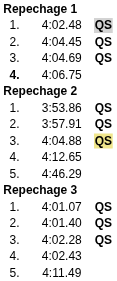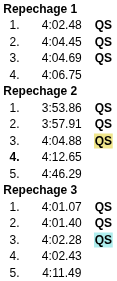 <table style="text-align:center">
 <tr>
 <td colspan=4 align=left><strong>Repechage 1</strong></td>
 </tr>
 <tr>
 <td width=30>1.</td>
 <td align=left></td>
 <td width=80>4:02.48</td>
-<td style="background: lightgrey;"><strong>QS</strong></td>
+<td><strong>QS</strong></td>
 </tr>
 <tr>
 <td>2.</td>
 <td align=left></td>
 <td>4:04.45</td>
 <td><strong>QS</strong></td>
 </tr>
 <tr>
 <td>3.</td>
 <td align=left></td>
 <td>4:04.69</td>
 <td><strong>QS</strong></td>
 </tr>
 <tr>
-<td><strong>4.</strong></td>
+<td>4.</td>
 <td align=left></td>
 <td>4:06.75</td>
 <td></td>
 </tr>
 <tr>
 <td colspan=4 align=left><strong>Repechage 2</strong></td>
 </tr>
 <tr>
 <td>1.</td>
 <td align=left></td>
 <td>3:53.86</td>
 <td><strong>QS</strong></td>
 </tr>
 <tr>
 <td>2.</td>
 <td align=left></td>
 <td>3:57.91</td>
 <td><strong>QS</strong></td>
 </tr>
 <tr>
 <td>3.</td>
 <td align=left></td>
 <td>4:04.88</td>
 <td style="background: khaki;"><strong>QS</strong></td>
 </tr>
 <tr>
-<td>4.</td>
+<td><strong>4.</strong></td>
 <td align=left></td>
 <td>4:12.65</td>
 <td></td>
 </tr>
 <tr>
 <td>5.</td>
 <td align=left></td>
 <td>4:46.29</td>
 <td></td>
 </tr>
 <tr>
 <td colspan=4 align=left><strong>Repechage 3</strong></td>
 </tr>
 <tr>
 <td>1.</td>
 <td align=left></td>
 <td>4:01.07</td>
 <td><strong>QS</strong></td>
 </tr>
 <tr>
 <td>2.</td>
 <td align=left></td>
 <td>4:01.40</td>
 <td><strong>QS</strong></td>
 </tr>
 <tr>
 <td>3.</td>
 <td align=left></td>
 <td>4:02.28</td>
-<td><strong>QS</strong></td>
+<td style="background: paleturquoise;"><strong>QS</strong></td>
 </tr>
 <tr>
 <td>4.</td>
 <td align=left></td>
 <td>4:02.43</td>
 <td></td>
 </tr>
 <tr>
 <td>5.</td>
 <td align=left></td>
 <td>4:11.49</td>
 <td></td>
 </tr>
 </table>
